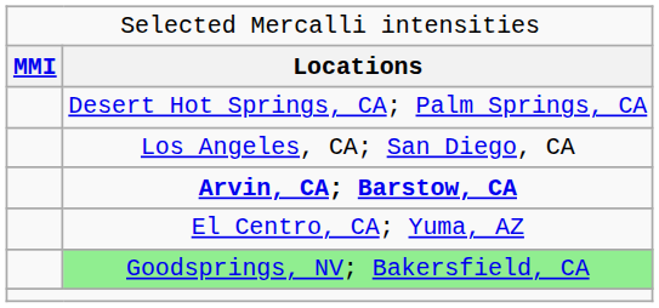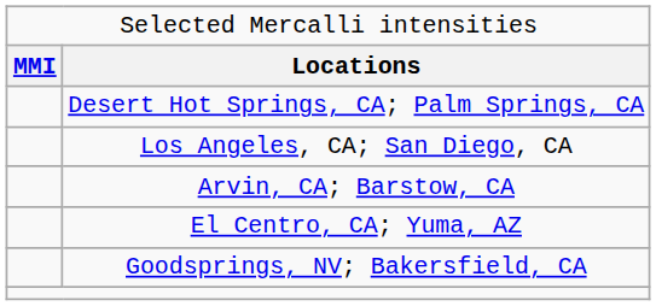 <table class="wikitable" style="float: right; text-align: center; font-size:90%;">
 <tr>
 <td colspan="2" style="text-align: center;">Selected Mercalli intensities</td>
 </tr>
 <tr>
 <th><a href='#'>MMI</a></th>
 <th>Locations</th>
 </tr>
 <tr>
 <td></td>
 <td><a href='#'>Desert Hot Springs, CA</a>; <a href='#'>Palm Springs, CA</a></td>
 </tr>
 <tr>
 <td></td>
 <td><a href='#'>Los Angeles</a>, CA; <a href='#'>San Diego</a>, CA</td>
 </tr>
 <tr>
 <td></td>
-<td><strong><a href='#'>Arvin, CA</a>; <a href='#'>Barstow, CA</a></strong></td>
+<td><a href='#'>Arvin, CA</a>; <a href='#'>Barstow, CA</a></td>
 </tr>
 <tr>
 <td></td>
 <td><a href='#'>El Centro, CA</a>; <a href='#'>Yuma, AZ</a></td>
 </tr>
 <tr>
 <td></td>
-<td style="background: lightgreen;"><a href='#'>Goodsprings, NV</a>; <a href='#'>Bakersfield, CA</a></td>
+<td><a href='#'>Goodsprings, NV</a>; <a href='#'>Bakersfield, CA</a></td>
 </tr>
 <tr>
 <td colspan="3" style="text-align: center;"><small><span></span></small></td>
 </tr>
 </table>
